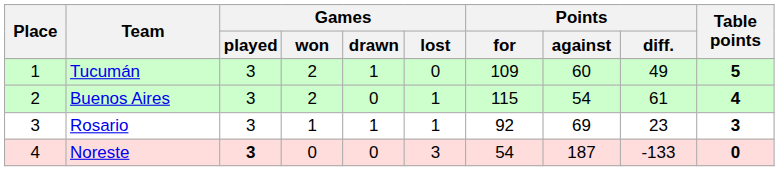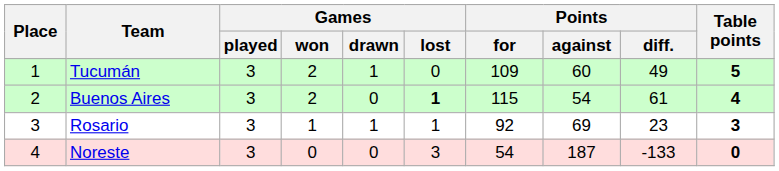 <table class="wikitable">
 <tr>
 <th rowspan=2 width="8%">Place</th>
 <th rowspan=2 width="20%">Team</th>
 <th colspan=4 width="32%">Games</th>
 <th colspan=3 width="30%">Points</th>
 <th rowspan=2 width="10%">Table<br>points</th>
 </tr>
 <tr>
 <th width="8%">played</th>
 <th width="8%">won</th>
 <th width="8%">drawn</th>
 <th width="8%">lost</th>
 <th width="10%">for</th>
 <th width="10%">against</th>
 <th width="10%">diff.</th>
 </tr>
 <tr align=center style="background: #ccffcc;">
 <td>1</td>
 <td align=left><a href='#'>Tucumán</a></td>
 <td>3</td>
 <td>2</td>
 <td>1</td>
 <td>0</td>
 <td>109</td>
 <td>60</td>
 <td>49</td>
 <td><strong>5</strong></td>
 </tr>
 <tr align=center style="background: #ccffcc;">
 <td>2</td>
 <td align=left><a href='#'>Buenos Aires</a></td>
 <td>3</td>
 <td>2</td>
 <td>0</td>
-<td>1</td>
+<td><strong>1</strong></td>
 <td>115</td>
 <td>54</td>
 <td>61</td>
 <td><strong>4</strong></td>
 </tr>
 <tr align=center style="background: #ffffff;">
 <td>3</td>
 <td align=left><a href='#'>Rosario</a></td>
 <td>3</td>
 <td>1</td>
 <td>1</td>
 <td>1</td>
 <td>92</td>
 <td>69</td>
 <td>23</td>
 <td><strong>3</strong></td>
 </tr>
 <tr align=center style="background: #ffdddd;">
 <td>4</td>
 <td align=left><a href='#'>Noreste</a></td>
-<td><strong>3</strong></td>
+<td>3</td>
 <td>0</td>
 <td>0</td>
 <td>3</td>
 <td>54</td>
 <td>187</td>
 <td>-133</td>
 <td><strong>0</strong></td>
 </tr>
 </table>
